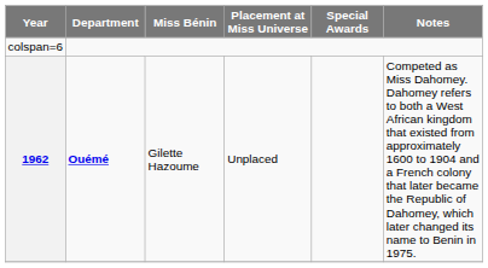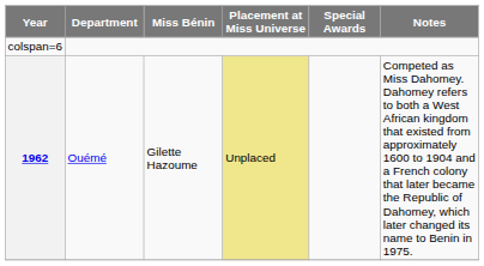 <table class="wikitable " style="font-size: 95%;">
 <tr>
 <th width="60" style="background-color:#787878;color:#FFFFFF;">Year</th>
 <th width="150" style="background-color:#787878;color:#FFFFFF;">Department</th>
 <th width="250" style="background-color:#787878;color:#FFFFFF;">Miss Bénin</th>
 <th width="250" style="background-color:#787878;color:#FFFFFF;">Placement at Miss Universe</th>
 <th width="250" style="background-color:#787878;color:#FFFFFF;">Special Awards</th>
 <th width="250" style="background-color:#787878;color:#FFFFFF;">Notes</th>
 </tr>
 <tr>
 <td>colspan=6 </td>
 </tr>
 <tr>
 <th><a href='#'>1962</a></th>
-<td><strong><a href='#'>Ouémé</a></strong></td>
+<td><a href='#'>Ouémé</a></td>
 <td>Gilette Hazoume</td>
-<td>Unplaced</td>
+<td style="background: khaki;">Unplaced</td>
 <td></td>
 <td>Competed as Miss Dahomey. Dahomey refers to both a West African kingdom that existed from approximately 1600 to 1904 and a French colony that later became the Republic of Dahomey, which later changed its name to Benin in 1975.</td>
 </tr>
 <tr>
 </tr>
 </table>
